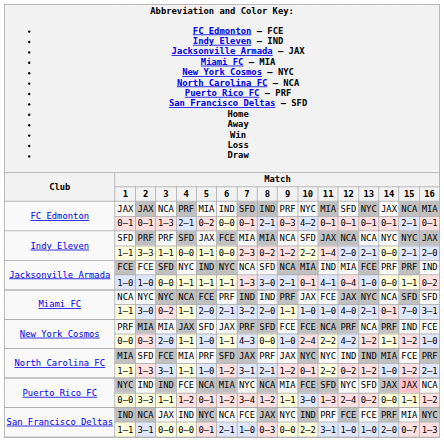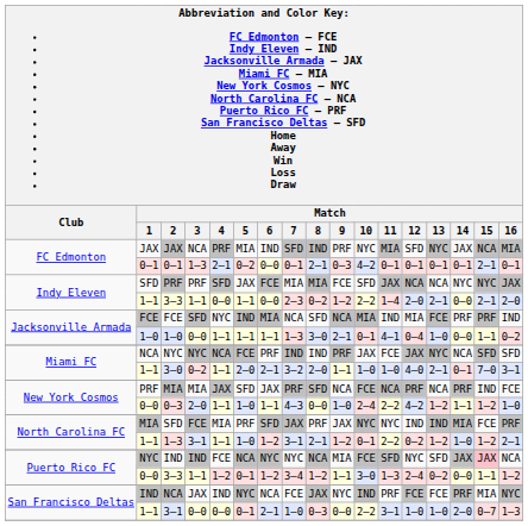 <table class="wikitable" style="text-align:center; font-size: 85%">
 <tr>
 <th colspan="17">Abbreviation and Color Key:<br><ul><li><a href='#'>FC Edmonton</a> – FCE</li><li><a href='#'>Indy Eleven</a> – IND</li><li><a href='#'>Jacksonville Armada</a> – JAX</li><li><a href='#'>Miami FC</a> – MIA</li><li><a href='#'>New York Cosmos</a> – NYC</li><li><a href='#'>North Carolina FC</a> – NCA</li><li><a href='#'>Puerto Rico FC</a> – PRF</li><li><a href='#'>San Francisco Deltas</a> – SFD</li><li><span>Home</span></li><li><span>Away</span></li><li><span>Win</span></li><li><span>Loss</span></li><li><span>Draw</span> </li></ul></th>
 </tr>
 <tr>
 <th rowspan="2">Club</th>
 <th colspan="16">Match</th>
 </tr>
 <tr>
 <th>1</th>
 <th>2</th>
 <th>3</th>
 <th>4</th>
 <th>5</th>
 <th>6</th>
 <th>7</th>
 <th>8</th>
 <th>9</th>
 <th>10</th>
 <th>11</th>
 <th>12</th>
 <th>13</th>
 <th>14</th>
 <th>15</th>
 <th>16<br></th>
 </tr>
 <tr>
 <td rowspan="2"><a href='#'>FC Edmonton</a></td>
 <td>JAX</td>
 <td style="background-color:#C0C0C0;">JAX</td>
 <td>NCA</td>
 <td style="background-color:#C0C0C0;">PRF</td>
 <td>MIA</td>
 <td>IND</td>
 <td style="background-color:#C0C0C0;">SFD</td>
 <td style="background-color:#C0C0C0;">IND</td>
 <td>PRF</td>
 <td>NYC</td>
 <td style="background-color:#C0C0C0;">MIA</td>
 <td>SFD</td>
 <td style="background-color:#C0C0C0;">NYC</td>
 <td>JAX</td>
 <td style="background-color:#C0C0C0;">NCA</td>
 <td style="background-color:#C0C0C0;">MIA</td>
 </tr>
 <tr>
 <td style="background-color:#FFDFDF;">0–1</td>
 <td style="background-color:#FFDFDF;">0–1</td>
 <td style="background-color:#FFDFDF;">1–3</td>
 <td style="background-color:#DFE7FF;">2–1</td>
 <td style="background-color:#FFDFDF;">0–2</td>
 <td style="background-color:#FFFFDD;">0–0</td>
 <td style="background-color:#FFDFDF;">0–1</td>
 <td style="background-color:#DFE7FF;">2–1</td>
 <td style="background-color:#FFDFDF;">0–3</td>
 <td style="background-color:#DFE7FF;">4–2</td>
 <td style="background-color:#FFDFDF;">0–1</td>
 <td style="background-color:#FFDFDF;">0–1</td>
 <td style="background-color:#FFDFDF;">0–1</td>
 <td style="background-color:#FFDFDF;">0–1</td>
 <td style="background-color:#DFE7FF;">2–1</td>
 <td style="background-color:#FFDFDF;">0–1</td>
 </tr>
 <tr>
 <td rowspan="2"><a href='#'>Indy Eleven</a></td>
 <td>SFD</td>
 <td style="background-color:#C0C0C0;">PRF</td>
 <td>PRF</td>
 <td style="background-color:#C0C0C0;">SFD</td>
 <td>JAX</td>
 <td style="background-color:#C0C0C0;">FCE</td>
 <td>MIA</td>
 <td style="background-color:#C0C0C0;">MIA</td>
-<td>NCA</td>
+<td>FCE</td>
 <td>SFD</td>
 <td style="background-color:#C0C0C0;">JAX</td>
 <td style="background-color:#C0C0C0;">NCA</td>
 <td>NCA</td>
 <td>NYC</td>
 <td style="background-color:#C0C0C0;">NYC</td>
 <td style="background-color:#C0C0C0;">JAX</td>
 </tr>
 <tr>
 <td style="background-color:#FFFFDD;">1–1</td>
 <td style="background-color:#FFFFDD;">3–3</td>
 <td style="background-color:#FFFFDD;">1–1</td>
 <td style="background-color:#FFFFDD;">0–0</td>
 <td style="background-color:#FFFFDD;">1–1</td>
 <td style="background-color:#FFFFDD;">0–0</td>
 <td style="background-color:#FFDFDF;">2–3</td>
 <td style="background-color:#FFDFDF;">0–2</td>
 <td style="background-color:#FFDFDF;">1–2</td>
 <td style="background-color:#FFFFDD;">2–2</td>
 <td style="background-color:#FFDFDF;">1–4</td>
 <td style="background-color:#DFE7FF;">2–0</td>
 <td style="background-color:#DFE7FF;">2–1</td>
 <td style="background-color:#FFFFDD;">0–0</td>
 <td style="background-color:#DFE7FF;">2–1</td>
 <td style="background-color:#DFE7FF;">2–0</td>
 </tr>
 <tr>
 <td rowspan="2"><a href='#'>Jacksonville Armada</a></td>
 <td style="background-color:#C0C0C0;">FCE</td>
 <td>FCE</td>
 <td style="background-color:#C0C0C0;">SFD</td>
 <td>NYC</td>
 <td style="background-color:#C0C0C0;">IND</td>
-<td style="background-color:#C0C0C0;">NYC</td>
+<td style="background-color:#C0C0C0;">MIA</td>
 <td>NCA</td>
 <td>SFD</td>
 <td style="background-color:#C0C0C0;">NCA</td>
 <td style="background-color:#C0C0C0;">MIA</td>
 <td>IND</td>
 <td>MIA</td>
 <td style="background-color:#C0C0C0;">FCE</td>
 <td>PRF</td>
 <td style="background-color:#C0C0C0;">PRF</td>
 <td>IND</td>
 </tr>
 <tr>
 <td style="background-color:#DFE7FF;">1–0</td>
 <td style="background-color:#DFE7FF;">1–0</td>
 <td style="background-color:#FFFFDD;">0–0</td>
 <td style="background-color:#FFFFDD;">1–1</td>
 <td style="background-color:#FFFFDD;">1–1</td>
 <td style="background-color:#FFFFDD;">1–1</td>
 <td style="background-color:#FFDFDF;">1–3</td>
 <td style="background-color:#DFE7FF;">3–0</td>
 <td style="background-color:#DFE7FF;">2–1</td>
 <td style="background-color:#FFDFDF;">0–1</td>
 <td style="background-color:#DFE7FF;">4–1</td>
 <td style="background-color:#FFDFDF;">0–4</td>
 <td style="background-color:#DFE7FF;">1–0</td>
 <td style="background-color:#FFFFDD;">0–0</td>
 <td style="background-color:#FFFFDD;">1–1</td>
 <td style="background-color:#FFDFDF;">0–2</td>
 </tr>
 <tr>
 </tr>
 <tr>
 <td rowspan="2"><a href='#'>Miami FC</a></td>
 <td>NCA</td>
 <td>NYC</td>
 <td style="background-color:#C0C0C0;">NYC</td>
 <td style="background-color:#C0C0C0;">NCA</td>
 <td style="background-color:#C0C0C0;">FCE</td>
 <td>PRF</td>
 <td style="background-color:#C0C0C0;">IND</td>
 <td>IND</td>
 <td style="background-color:#C0C0C0;">PRF</td>
 <td>JAX</td>
 <td>FCE</td>
 <td style="background-color:#C0C0C0;">JAX</td>
 <td style="background-color:#C0C0C0;">NYC</td>
 <td>NCA</td>
 <td style="background-color:#C0C0C0;">SFD</td>
 <td>SFD</td>
 </tr>
 <tr>
 <td style="background-color:#FFFFDD;">1–1</td>
 <td style="background-color:#DFE7FF;">3–0</td>
 <td style="background-color:#FFDFDF;">0–2</td>
 <td style="background-color:#FFFFDD;">1–1</td>
 <td style="background-color:#DFE7FF;">2–0</td>
 <td style="background-color:#DFE7FF;">2–1</td>
 <td style="background-color:#DFE7FF;">3–2</td>
 <td style="background-color:#DFE7FF;">2–0</td>
 <td style="background-color:#FFFFDD;">1–1</td>
 <td style="background-color:#DFE7FF;">1–0</td>
 <td style="background-color:#DFE7FF;">1–0</td>
 <td style="background-color:#DFE7FF;">4–0</td>
 <td style="background-color:#DFE7FF;">2–1</td>
 <td style="background-color:#FFDFDF;">0–1</td>
 <td style="background-color:#DFE7FF;">7–0</td>
 <td style="background-color:#DFE7FF;">3–1</td>
 </tr>
 <tr>
 </tr>
 <tr>
 <td rowspan="2"><a href='#'>New York Cosmos</a></td>
 <td>PRF</td>
 <td style="background-color:#C0C0C0;">MIA</td>
 <td>MIA</td>
 <td style="background-color:#C0C0C0;">JAX</td>
 <td>SFD</td>
 <td>JAX</td>
 <td style="background-color:#C0C0C0;">PRF</td>
 <td style="background-color:#C0C0C0;">SFD</td>
-<td>FCE</td>
+<td>NCA</td>
 <td style="background-color:#C0C0C0;">FCE</td>
 <td style="background-color:#C0C0C0;">NCA</td>
 <td style="background-color:#C0C0C0;">PRF</td>
 <td>NCA</td>
 <td style="background-color:#C0C0C0;">PRF</td>
 <td>IND</td>
 <td>FCE</td>
 </tr>
 <tr>
 <td style="background-color:#FFFFDD;">0–0</td>
 <td style="background-color:#FFDFDF;">0–3</td>
 <td style="background-color:#DFE7FF;">2–0</td>
 <td style="background-color:#FFFFDD;">1–1</td>
 <td style="background-color:#DFE7FF;">1–0</td>
 <td style="background-color:#FFFFDD;">1–1</td>
 <td style="background-color:#DFE7FF;">4–3</td>
 <td style="background-color:#FFFFDD;">0–0</td>
 <td style="background-color:#DFE7FF;">1–0</td>
 <td style="background-color:#FFDFDF;">2–4</td>
 <td style="background-color:#FFFFDD;">2–2</td>
 <td style="background-color:#DFE7FF;">4–2</td>
 <td style="background-color:#FFDFDF;">1–2</td>
 <td style="background-color:#FFFFDD;">1–1</td>
 <td style="background-color:#FFDFDF;">1–2</td>
 <td style="background-color:#DFE7FF;">1–0</td>
 </tr>
 <tr>
 </tr>
 <tr>
 <td rowspan="2"><a href='#'>North Carolina FC</a></td>
 <td style="background-color:#C0C0C0;">MIA</td>
 <td>SFD</td>
 <td style="background-color:#C0C0C0;">FCE</td>
 <td>MIA</td>
 <td>PRF</td>
 <td style="background-color:#C0C0C0;">SFD</td>
 <td style="background-color:#C0C0C0;">JAX</td>
 <td>PRF</td>
 <td>JAX</td>
 <td style="background-color:#C0C0C0;">NYC</td>
 <td>NYC</td>
 <td>IND</td>
 <td style="background-color:#C0C0C0;">IND</td>
 <td style="background-color:#C0C0C0;">MIA</td>
 <td>FCE</td>
 <td style="background-color:#C0C0C0;">PRF</td>
 </tr>
 <tr>
 <td style="background-color:#FFFFDD;">1–1</td>
 <td style="background-color:#FFDFDF;">1–3</td>
 <td style="background-color:#DFE7FF;">3–1</td>
 <td style="background-color:#FFFFDD;">1–1</td>
 <td style="background-color:#DFE7FF;">1–0</td>
 <td style="background-color:#FFDFDF;">1–2</td>
 <td style="background-color:#DFE7FF;">3–1</td>
 <td style="background-color:#DFE7FF;">2–1</td>
 <td style="background-color:#FFDFDF;">1–2</td>
 <td style="background-color:#FFDFDF;">0–1</td>
 <td style="background-color:#FFFFDD;">2–2</td>
 <td style="background-color:#FFDFDF;">0–2</td>
 <td style="background-color:#FFDFDF;">1–2</td>
 <td style="background-color:#DFE7FF;">1–0</td>
 <td style="background-color:#FFDFDF;">1–2</td>
 <td style="background-color:#DFE7FF;">2–1</td>
 </tr>
 <tr>
 </tr>
 <tr>
 <td rowspan="2"><a href='#'>Puerto Rico FC</a></td>
 <td style="background-color:#C0C0C0;">NYC</td>
 <td>IND</td>
 <td style="background-color:#C0C0C0;">IND</td>
 <td>FCE</td>
 <td style="background-color:#C0C0C0;">NCA</td>
-<td style="background-color:#C0C0C0;">MIA</td>
+<td style="background-color:#C0C0C0;">NYC</td>
 <td>NYC</td>
 <td style="background-color:#C0C0C0;">NCA</td>
 <td>MIA</td>
 <td style="background-color:#C0C0C0;">FCE</td>
 <td style="background-color:#C0C0C0;">SFD</td>
 <td>NYC</td>
 <td>SFD</td>
 <td style="background-color:#C0C0C0;">JAX</td>
 <td style="background: pink;">JAX</td>
 <td>NCA</td>
 </tr>
 <tr>
 <td style="background-color:#FFFFDD;">0–0</td>
 <td style="background-color:#FFFFDD;">3–3</td>
 <td style="background-color:#FFFFDD;">1–1</td>
 <td style="background-color:#FFDFDF;">1–2</td>
 <td style="background-color:#FFDFDF;">0–1</td>
 <td style="background-color:#FFDFDF;">1–2</td>
 <td style="background-color:#FFDFDF;">3–4</td>
 <td style="background-color:#FFDFDF;">1–2</td>
 <td style="background-color:#FFFFDD;">1–1</td>
 <td style="background-color:#DFE7FF;">3–0</td>
 <td style="background-color:#FFDFDF;">1–3</td>
 <td style="background-color:#FFDFDF;">2–4</td>
 <td style="background-color:#FFDFDF;">0–2</td>
 <td style="background-color:#FFFFDD;">0–0</td>
 <td style="background-color:#FFFFDD;">1–1</td>
 <td style="background-color:#FFDFDF;">1–2</td>
 </tr>
 <tr>
 </tr>
 <tr>
 <td rowspan="2"><a href='#'>San Francisco Deltas</a></td>
 <td style="background-color:#C0C0C0;">IND</td>
 <td style="background-color:#C0C0C0;">NCA</td>
 <td>JAX</td>
 <td>IND</td>
 <td style="background-color:#C0C0C0;">NYC</td>
 <td>NCA</td>
 <td>FCE</td>
 <td style="background-color:#C0C0C0;">JAX</td>
 <td>NYC</td>
 <td style="background-color:#C0C0C0;">IND</td>
 <td>PRF</td>
 <td style="background-color:#C0C0C0;">FCE</td>
 <td>FCE</td>
 <td style="background-color:#C0C0C0;">PRF</td>
 <td>MIA</td>
 <td style="background-color:#C0C0C0;">NYC</td>
 </tr>
 <tr>
 <td style="background-color:#FFFFDD;">1–1</td>
 <td style="background-color:#DFE7FF;">3–1</td>
 <td style="background-color:#FFFFDD;">0–0</td>
 <td style="background-color:#FFFFDD;">0–0</td>
 <td style="background-color:#FFDFDF;">0–1</td>
 <td style="background-color:#DFE7FF;">2–1</td>
 <td style="background-color:#DFE7FF;">1–0</td>
 <td style="background-color:#FFDFDF;">0–3</td>
 <td style="background-color:#FFFFDD;">0–0</td>
 <td style="background-color:#FFFFDD;">2–2</td>
 <td style="background-color:#DFE7FF;">3–1</td>
 <td style="background-color:#DFE7FF;">1–0</td>
 <td style="background-color:#DFE7FF;">1–0</td>
 <td style="background-color:#DFE7FF;">2–0</td>
 <td style="background-color:#FFDFDF;">0–7</td>
 <td style="background-color:#FFDFDF;">1–3</td>
 </tr>
 <tr>
 </tr>
 <tr>
 </tr>
 </table>
